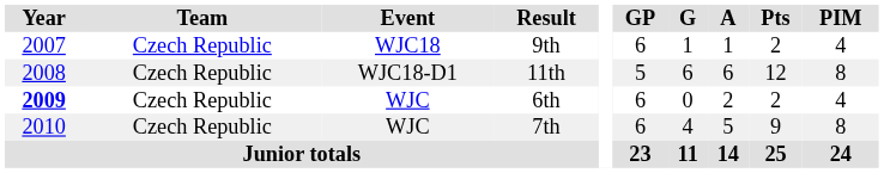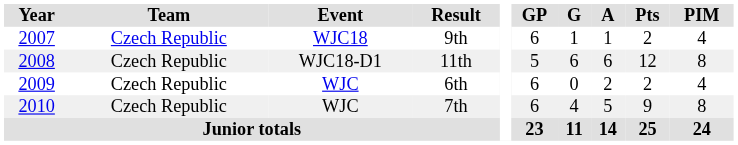 <table border="0" cellpadding="1" cellspacing="0" style="text-align:center; width:40em">
 <tr ALIGN="center" bgcolor="#e0e0e0">
 <th>Year</th>
 <th>Team</th>
 <th>Event</th>
 <th>Result</th>
 <th rowspan="99" bgcolor="#ffffff"> </th>
 <th>GP</th>
 <th>G</th>
 <th>A</th>
 <th>Pts</th>
 <th>PIM</th>
 </tr>
 <tr>
 <td><a href='#'>2007</a></td>
 <td><a href='#'>Czech Republic</a></td>
 <td><a href='#'>WJC18</a></td>
 <td>9th</td>
 <td>6</td>
 <td>1</td>
 <td>1</td>
 <td>2</td>
 <td>4</td>
 </tr>
 <tr bgcolor="#f0f0f0">
 <td><a href='#'>2008</a></td>
 <td>Czech Republic</td>
 <td>WJC18-D1</td>
 <td>11th</td>
 <td>5</td>
 <td>6</td>
 <td>6</td>
 <td>12</td>
 <td>8</td>
 </tr>
 <tr>
-<td><strong><a href='#'>2009</a></strong></td>
+<td><a href='#'>2009</a></td>
 <td>Czech Republic</td>
 <td><a href='#'>WJC</a></td>
 <td>6th</td>
 <td>6</td>
 <td>0</td>
 <td>2</td>
 <td>2</td>
 <td>4</td>
 </tr>
 <tr bgcolor="#f0f0f0">
 <td><a href='#'>2010</a></td>
 <td>Czech Republic</td>
 <td>WJC</td>
 <td>7th</td>
 <td>6</td>
 <td>4</td>
 <td>5</td>
 <td>9</td>
 <td>8</td>
 </tr>
 <tr ALIGN="center" bgcolor="#e0e0e0">
 <th colspan=4>Junior totals</th>
 <th>23</th>
 <th>11</th>
 <th>14</th>
 <th>25</th>
 <th>24</th>
 </tr>
 </table>
